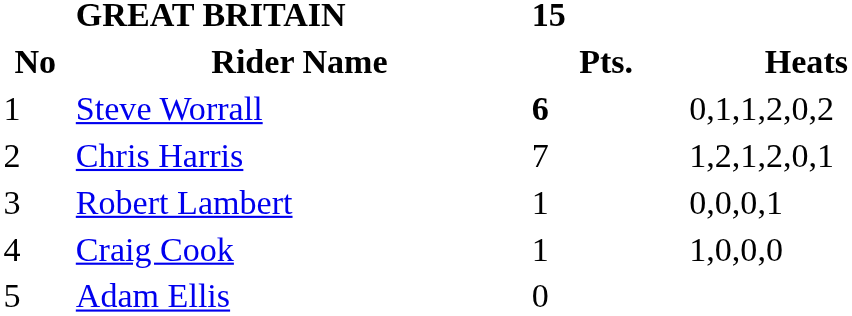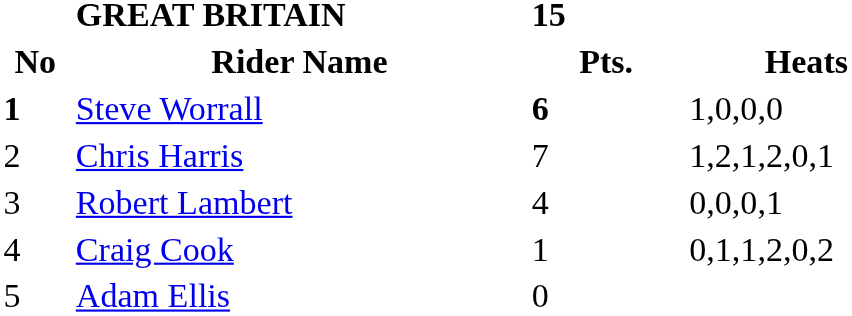 <table class="toccolours">
 <tr>
 <td></td>
 <td><strong>GREAT BRITAIN</strong></td>
 <td><strong>15</strong></td>
 </tr>
 <tr style="background-color:">
 <th width=30px>No</th>
 <th width=210px>Rider Name</th>
 <th width=70px>Pts.</th>
 <th width=110px>Heats</th>
 </tr>
 <tr style="background-color:">
-<td>1</td>
+<td><strong>1</strong></td>
 <td><a href='#'>Steve Worrall</a></td>
 <td><strong>6</strong></td>
-<td>0,1,1,2,0,2</td>
+<td>1,0,0,0</td>
 </tr>
 <tr style="background-color:">
 <td>2</td>
 <td><a href='#'>Chris Harris</a></td>
 <td>7</td>
 <td>1,2,1,2,0,1</td>
 </tr>
 <tr style="background-color:">
 <td>3</td>
 <td><a href='#'>Robert Lambert</a></td>
-<td>1</td>
+<td>4</td>
 <td>0,0,0,1</td>
 </tr>
 <tr style="background-color:">
 <td>4</td>
 <td><a href='#'>Craig Cook</a></td>
 <td>1</td>
-<td>1,0,0,0</td>
+<td>0,1,1,2,0,2</td>
 </tr>
 <tr style="background-color:">
 <td>5</td>
 <td><a href='#'>Adam Ellis</a></td>
 <td>0</td>
 <td></td>
 </tr>
 </table>
